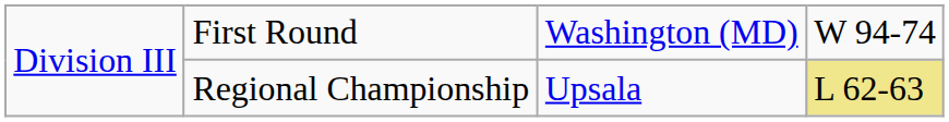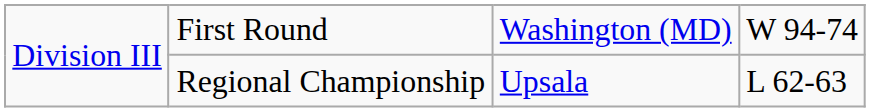 <table class="wikitable">
 <tr>
 <td rowspan="2"><a href='#'>Division III</a></td>
 <td>First Round</td>
 <td><a href='#'>Washington (MD)</a></td>
 <td>W 94-74</td>
 </tr>
 <tr>
 <td>Regional Championship</td>
 <td><a href='#'>Upsala</a></td>
-<td style="background: khaki;">L 62-63</td>
+<td>L 62-63</td>
 </tr>
 </table>
